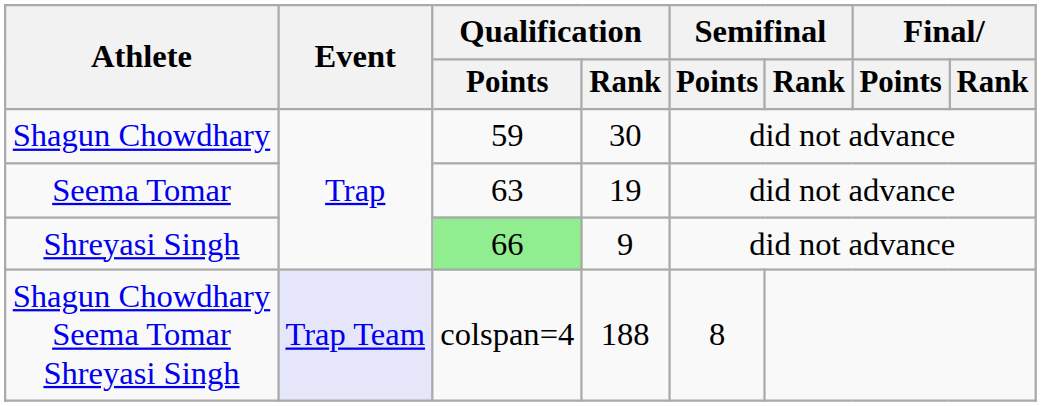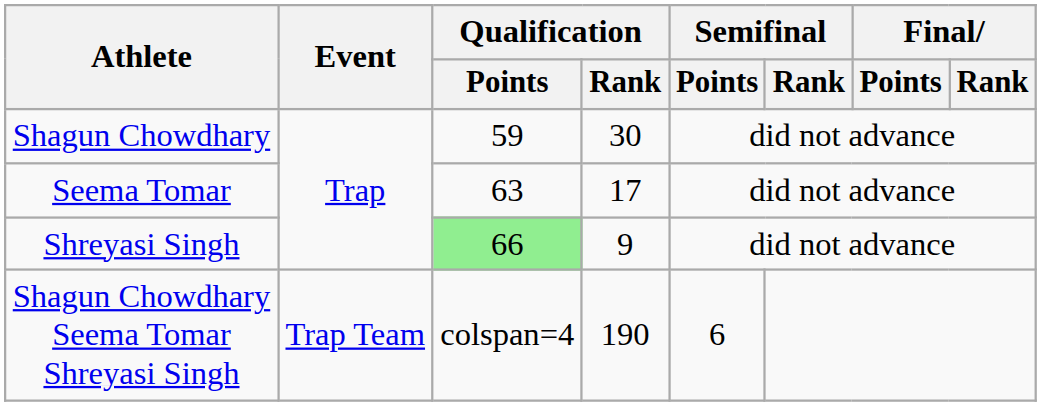 <table class=wikitable style="text-align:center; font-size:90%">
 <tr>
 <th rowspan=2>Athlete</th>
 <th rowspan=2>Event</th>
 <th colspan=2>Qualification</th>
 <th colspan=2>Semifinal</th>
 <th colspan=2>Final/</th>
 </tr>
 <tr style="font-size:95%">
 <th>Points</th>
 <th>Rank</th>
 <th>Points</th>
 <th>Rank</th>
 <th>Points</th>
 <th>Rank</th>
 </tr>
 <tr>
 <td><a href='#'>Shagun Chowdhary</a></td>
 <td rowspan=3><a href='#'>Trap</a></td>
 <td>59</td>
 <td>30</td>
 <td style="text-align:center;" colspan=4>did not advance</td>
 </tr>
 <tr>
 <td><a href='#'>Seema Tomar</a></td>
 <td>63</td>
-<td>19</td>
+<td>17</td>
 <td style="text-align:center;" colspan=4>did not advance</td>
 </tr>
 <tr>
 <td><a href='#'>Shreyasi Singh</a></td>
 <td style="background: lightgreen;">66</td>
 <td>9</td>
 <td style="text-align:center;" colspan=4>did not advance</td>
 </tr>
 <tr>
 <td><a href='#'>Shagun Chowdhary</a><br><a href='#'>Seema Tomar</a><br><a href='#'>Shreyasi Singh</a></td>
-<td style="background: lavender;"><a href='#'>Trap Team</a></td>
+<td><a href='#'>Trap Team</a></td>
 <td>colspan=4 </td>
-<td>188</td>
-<td>8</td>
+<td>190</td>
+<td>6</td>
 </tr>
 </table>
